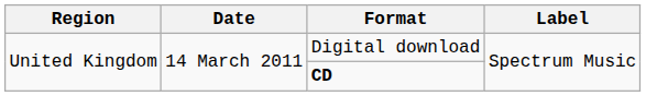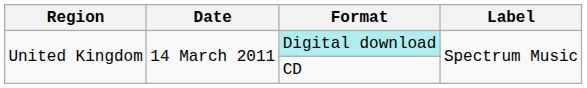 <table class=wikitable>
 <tr>
 <th>Region</th>
 <th>Date</th>
 <th>Format</th>
 <th>Label</th>
 </tr>
 <tr>
 <td rowspan="2">United Kingdom</td>
 <td rowspan="2">14 March 2011</td>
-<td>Digital download</td>
+<td style="background: paleturquoise;">Digital download</td>
 <td rowspan="2">Spectrum Music</td>
 </tr>
 <tr>
-<td><strong>CD</strong></td>
+<td>CD</td>
 </tr>
 </table>
